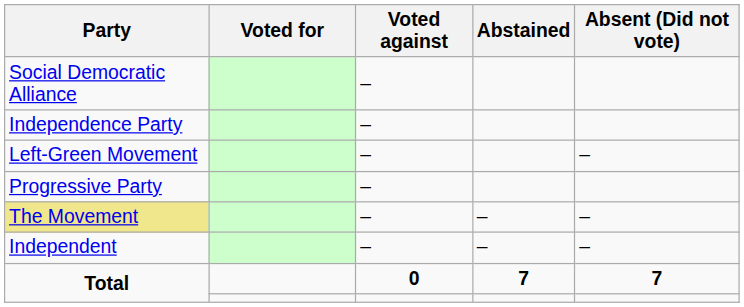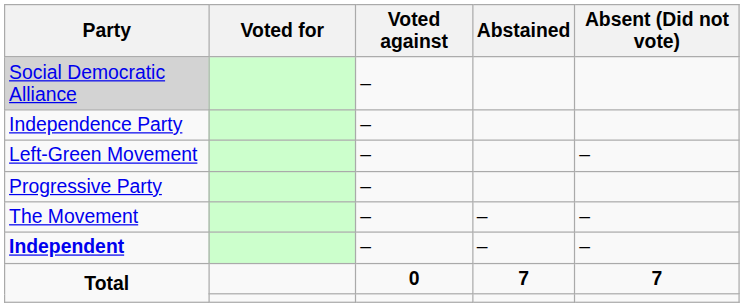 <table class="wikitable">
 <tr>
 <th>Party</th>
 <th style="width:20%;">Voted for</th>
 <th>Voted against</th>
 <th>Abstained</th>
 <th>Absent (Did not vote)</th>
 </tr>
 <tr>
-<td> <a href='#'>Social Democratic Alliance</a></td>
+<td style="background: lightgrey;"> <a href='#'>Social Democratic Alliance</a></td>
 <td style="background-color:#CCFFCC;"></td>
 <td>–</td>
 <td></td>
 <td></td>
 </tr>
 <tr>
 <td> <a href='#'>Independence Party</a></td>
 <td style="background-color:#CCFFCC;"></td>
 <td>–</td>
 <td></td>
 <td></td>
 </tr>
 <tr>
 <td> <a href='#'>Left-Green Movement</a></td>
 <td style="background-color:#CCFFCC;"></td>
 <td>–</td>
 <td></td>
 <td>–</td>
 </tr>
 <tr>
 <td> <a href='#'>Progressive Party</a></td>
 <td style="background-color:#CCFFCC;"></td>
 <td>–</td>
 <td></td>
 <td></td>
 </tr>
 <tr>
-<td style="background: khaki;"> <a href='#'>The Movement</a></td>
+<td> <a href='#'>The Movement</a></td>
 <td style="background-color:#CCFFCC;"></td>
 <td>–</td>
 <td>–</td>
 <td>–</td>
 </tr>
 <tr>
-<td> <a href='#'>Independent</a></td>
+<td><strong> <a href='#'>Independent</a></strong></td>
 <td style="background-color:#CCFFCC;"></td>
 <td>–</td>
 <td>–</td>
 <td>–</td>
 </tr>
 <tr>
 <td style="text-align:center;" rowspan="2"><strong>Total</strong></td>
 <td></td>
 <td style="text-align:center;"><strong>0</strong></td>
 <td style="text-align:center;"><strong>7</strong></td>
 <td style="text-align:center;"><strong>7</strong></td>
 </tr>
 <tr>
 <td style="text-align:center;"></td>
 <td style="text-align:center;"></td>
 <td style="text-align:center;"></td>
 <td style="text-align:center;"></td>
 </tr>
 </table>
